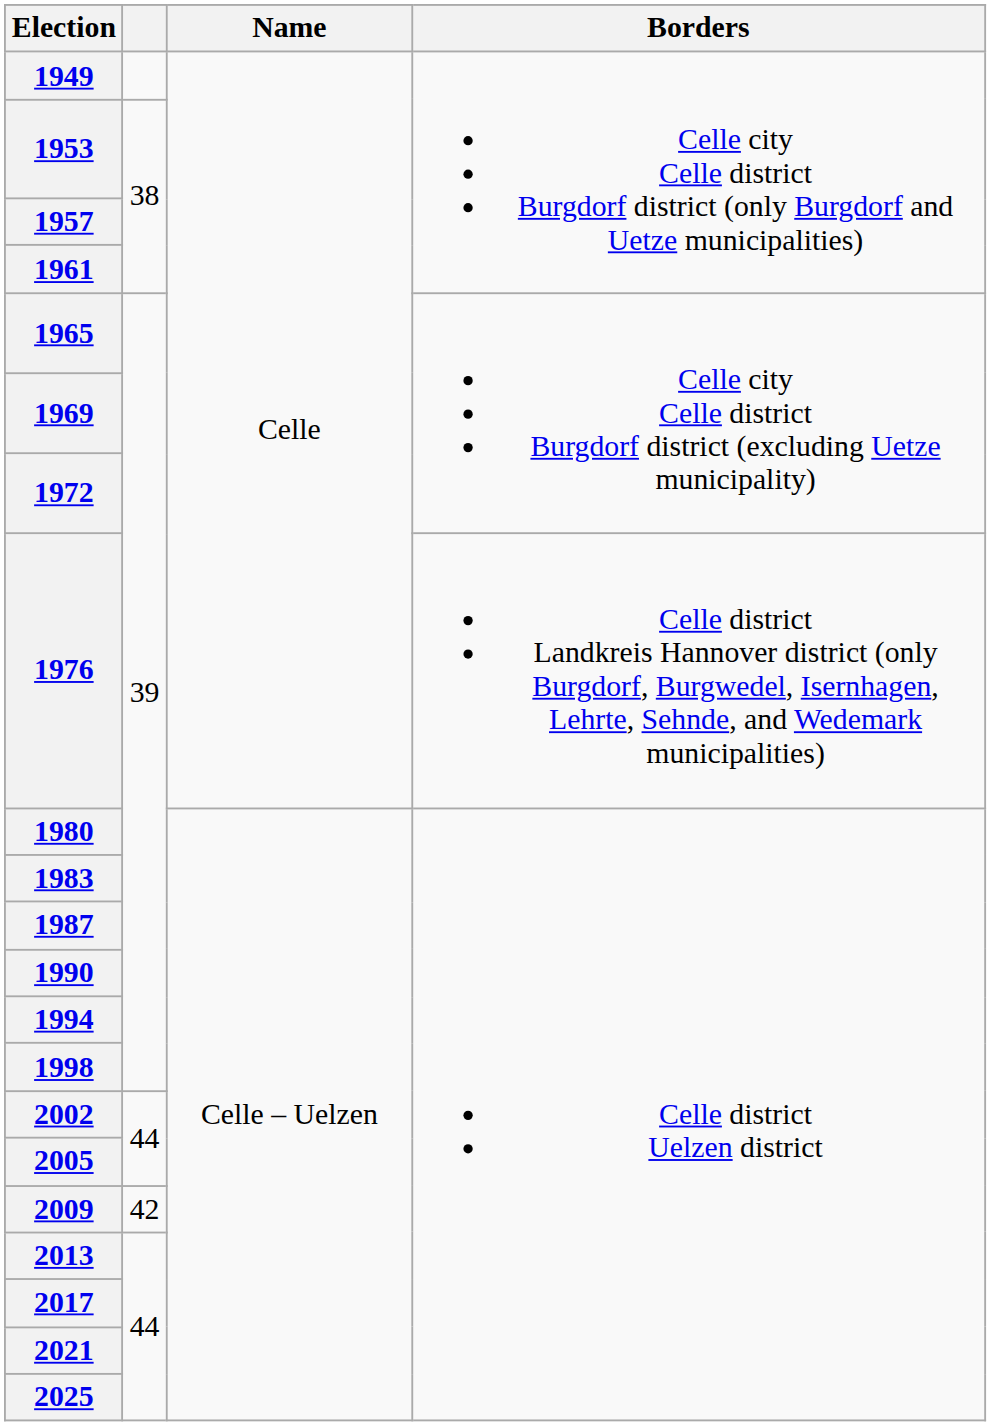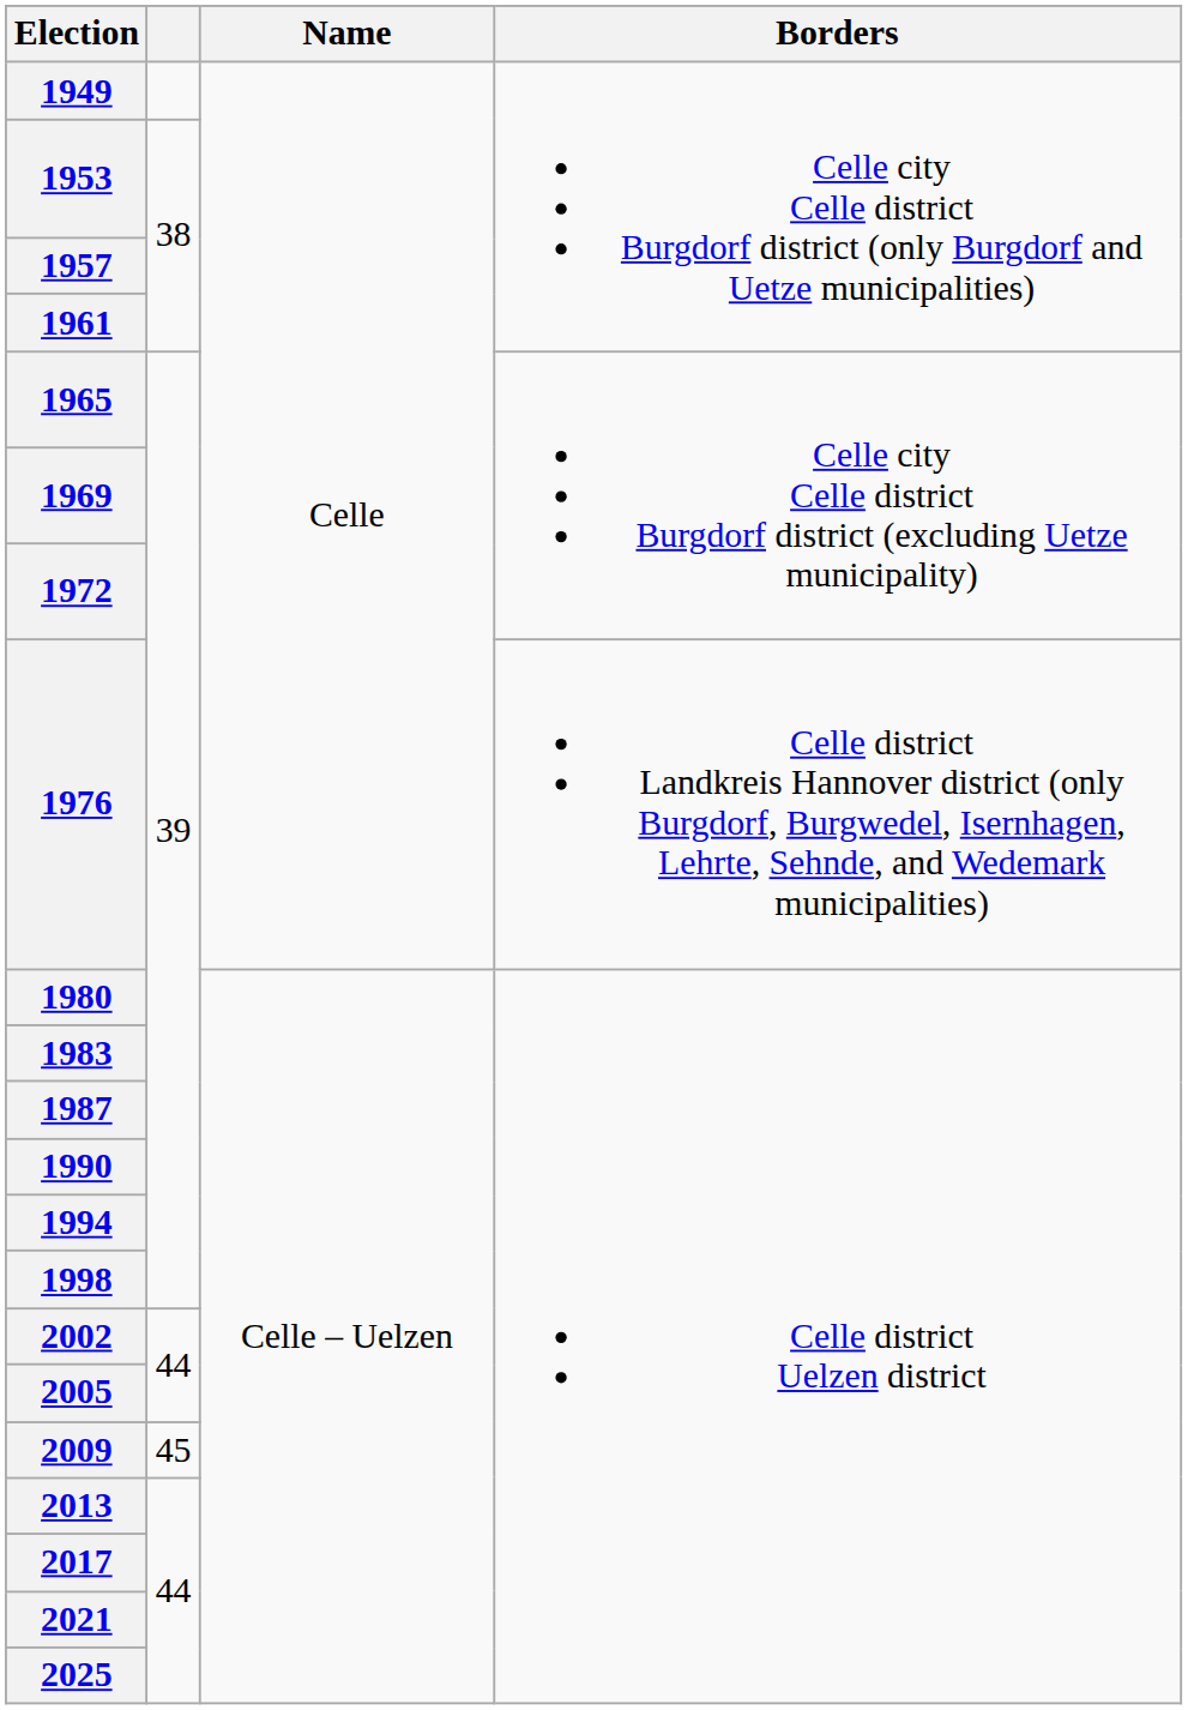 <table class=wikitable style="text-align:center">
 <tr>
 <th>Election</th>
 <th></th>
 <th width=125px>Name</th>
 <th width=300px>Borders</th>
 </tr>
 <tr>
 <th><a href='#'>1949</a></th>
 <td></td>
 <td rowspan=8>Celle</td>
 <td rowspan=4><br><ul><li><a href='#'>Celle</a> city</li><li><a href='#'>Celle</a> district</li><li><a href='#'>Burgdorf</a> district (only <a href='#'>Burgdorf</a> and <a href='#'>Uetze</a> municipalities)</li></ul></td>
 </tr>
 <tr>
 <th><a href='#'>1953</a></th>
 <td rowspan=3>38</td>
 </tr>
 <tr>
 <th><a href='#'>1957</a></th>
 </tr>
 <tr>
 <th><a href='#'>1961</a></th>
 </tr>
 <tr>
 <th><a href='#'>1965</a></th>
 <td rowspan=10>39</td>
 <td rowspan=3><br><ul><li><a href='#'>Celle</a> city</li><li><a href='#'>Celle</a> district</li><li><a href='#'>Burgdorf</a> district (excluding <a href='#'>Uetze</a> municipality)</li></ul></td>
 </tr>
 <tr>
 <th><a href='#'>1969</a></th>
 </tr>
 <tr>
 <th><a href='#'>1972</a></th>
 </tr>
 <tr>
 <th><a href='#'>1976</a></th>
 <td><br><ul><li><a href='#'>Celle</a> district</li><li>Landkreis Hannover district (only <a href='#'>Burgdorf</a>, <a href='#'>Burgwedel</a>, <a href='#'>Isernhagen</a>, <a href='#'>Lehrte</a>, <a href='#'>Sehnde</a>, and <a href='#'>Wedemark</a> municipalities)</li></ul></td>
 </tr>
 <tr>
 <th><a href='#'>1980</a></th>
 <td rowspan=13>Celle – Uelzen</td>
 <td rowspan=13><br><ul><li><a href='#'>Celle</a> district</li><li><a href='#'>Uelzen</a> district</li></ul></td>
 </tr>
 <tr>
 <th><a href='#'>1983</a></th>
 </tr>
 <tr>
 <th><a href='#'>1987</a></th>
 </tr>
 <tr>
 <th><a href='#'>1990</a></th>
 </tr>
 <tr>
 <th><a href='#'>1994</a></th>
 </tr>
 <tr>
 <th><a href='#'>1998</a></th>
 </tr>
 <tr>
 <th><a href='#'>2002</a></th>
 <td rowspan=2>44</td>
 </tr>
 <tr>
 <th><a href='#'>2005</a></th>
 </tr>
 <tr>
 <th><a href='#'>2009</a></th>
-<td>42</td>
+<td>45</td>
 </tr>
 <tr>
 <th><a href='#'>2013</a></th>
 <td rowspan=4>44</td>
 </tr>
 <tr>
 <th><a href='#'>2017</a></th>
 </tr>
 <tr>
 <th><a href='#'>2021</a></th>
 </tr>
 <tr>
 <th><a href='#'>2025</a></th>
 </tr>
 </table>
